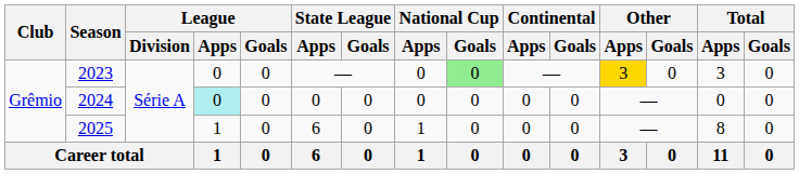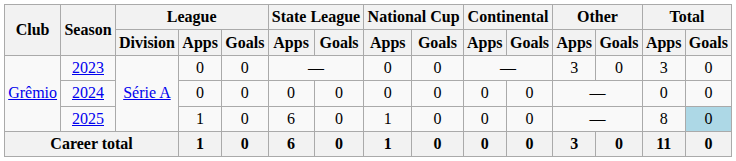 <table class="wikitable" style="text-align:center">
 <tr>
 <th rowspan="2">Club</th>
 <th rowspan="2">Season</th>
 <th colspan="3">League</th>
 <th colspan="2">State League</th>
 <th colspan="2">National Cup</th>
 <th colspan="2">Continental</th>
 <th colspan="2">Other</th>
 <th colspan="2">Total</th>
 </tr>
 <tr>
 <th>Division</th>
 <th>Apps</th>
 <th>Goals</th>
 <th>Apps</th>
 <th>Goals</th>
 <th>Apps</th>
 <th>Goals</th>
 <th>Apps</th>
 <th>Goals</th>
 <th>Apps</th>
 <th>Goals</th>
 <th>Apps</th>
 <th>Goals</th>
 </tr>
 <tr>
 <td rowspan="3"><a href='#'>Grêmio</a></td>
 <td><a href='#'>2023</a></td>
 <td rowspan="3"><a href='#'>Série A</a></td>
 <td>0</td>
 <td>0</td>
 <td colspan="2">—</td>
 <td>0</td>
-<td style="background: lightgreen;">0</td>
+<td>0</td>
 <td colspan="2">—</td>
-<td style="background: gold;">3</td>
+<td>3</td>
 <td>0</td>
 <td>3</td>
 <td>0</td>
 </tr>
 <tr>
 <td><a href='#'>2024</a></td>
-<td style="background: paleturquoise;">0</td>
+<td>0</td>
 <td>0</td>
 <td>0</td>
 <td>0</td>
 <td>0</td>
 <td>0</td>
 <td>0</td>
 <td>0</td>
 <td colspan="2">—</td>
 <td>0</td>
 <td>0</td>
 </tr>
 <tr>
 <td><a href='#'>2025</a></td>
 <td>1</td>
 <td>0</td>
 <td>6</td>
 <td>0</td>
 <td>1</td>
 <td>0</td>
 <td>0</td>
 <td>0</td>
 <td colspan="2">—</td>
 <td>8</td>
-<td>0</td>
+<td style="background: lightblue;">0</td>
 </tr>
 <tr>
 <th colspan="3">Career total</th>
 <th>1</th>
 <th>0</th>
 <th>6</th>
 <th>0</th>
 <th>1</th>
 <th>0</th>
 <th>0</th>
 <th>0</th>
 <th>3</th>
 <th>0</th>
 <th>11</th>
 <th>0</th>
 </tr>
 </table>
